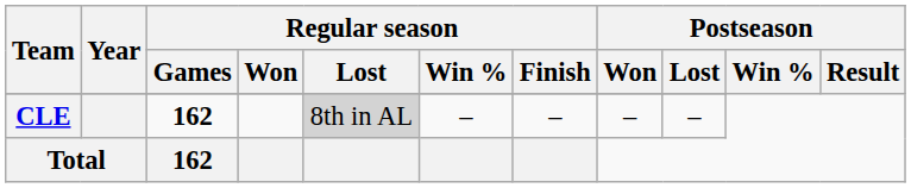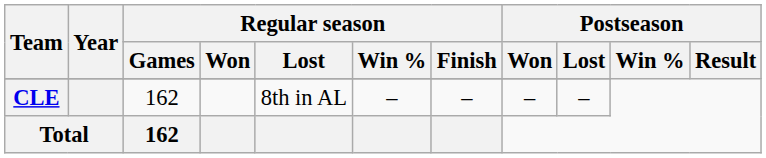 <table class="wikitable" style="font-size: 95%; text-align:center;">
 <tr>
 <th rowspan="2">Team</th>
 <th rowspan="2">Year</th>
 <th colspan="5">Regular season</th>
 <th colspan="4">Postseason</th>
 </tr>
 <tr>
 <th>Games</th>
 <th>Won</th>
 <th>Lost</th>
 <th>Win %</th>
 <th>Finish</th>
 <th>Won</th>
 <th>Lost</th>
 <th>Win %</th>
 <th>Result</th>
 </tr>
 <tr>
 </tr>
 <tr>
 <th><a href='#'>CLE</a></th>
 <th></th>
-<td><strong>162</strong></td>
+<td>162</td>
 <td></td>
-<td style="background: lightgrey;">8th in AL</td>
+<td>8th in AL</td>
 <td>–</td>
 <td>–</td>
 <td>–</td>
 <td>–</td>
 </tr>
 <tr>
 <th colspan="2">Total</th>
 <th>162</th>
 <th></th>
 <th></th>
 <th></th>
 <th></th>
 </tr>
 </table>
